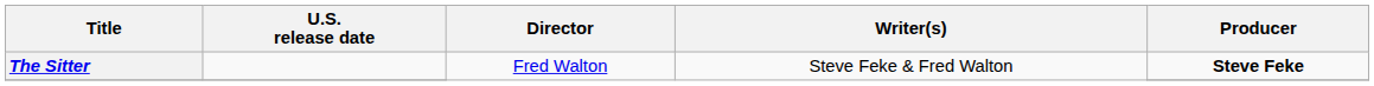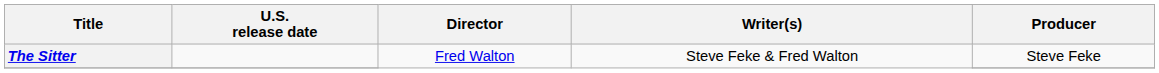 <table class="wikitable plainrowheaders" style="text-align:center" width=99%>
 <tr>
 <th scope="col">Title</th>
 <th scope="col">U.S. <br>release date</th>
 <th scope="col">Director</th>
 <th scope="col">Writer(s)</th>
 <th scope="col">Producer</th>
 </tr>
 <tr>
 <th scope="row" style="text-align:left"><em><a href='#'>The Sitter</a></em></th>
 <td style="text-align:center"></td>
 <td rowspan="3"><a href='#'>Fred Walton</a></td>
 <td rowspan="2">Steve Feke & Fred Walton</td>
-<td><strong>Steve Feke</strong></td>
+<td>Steve Feke</td>
 </tr>
 <tr>
 </tr>
 </table>
